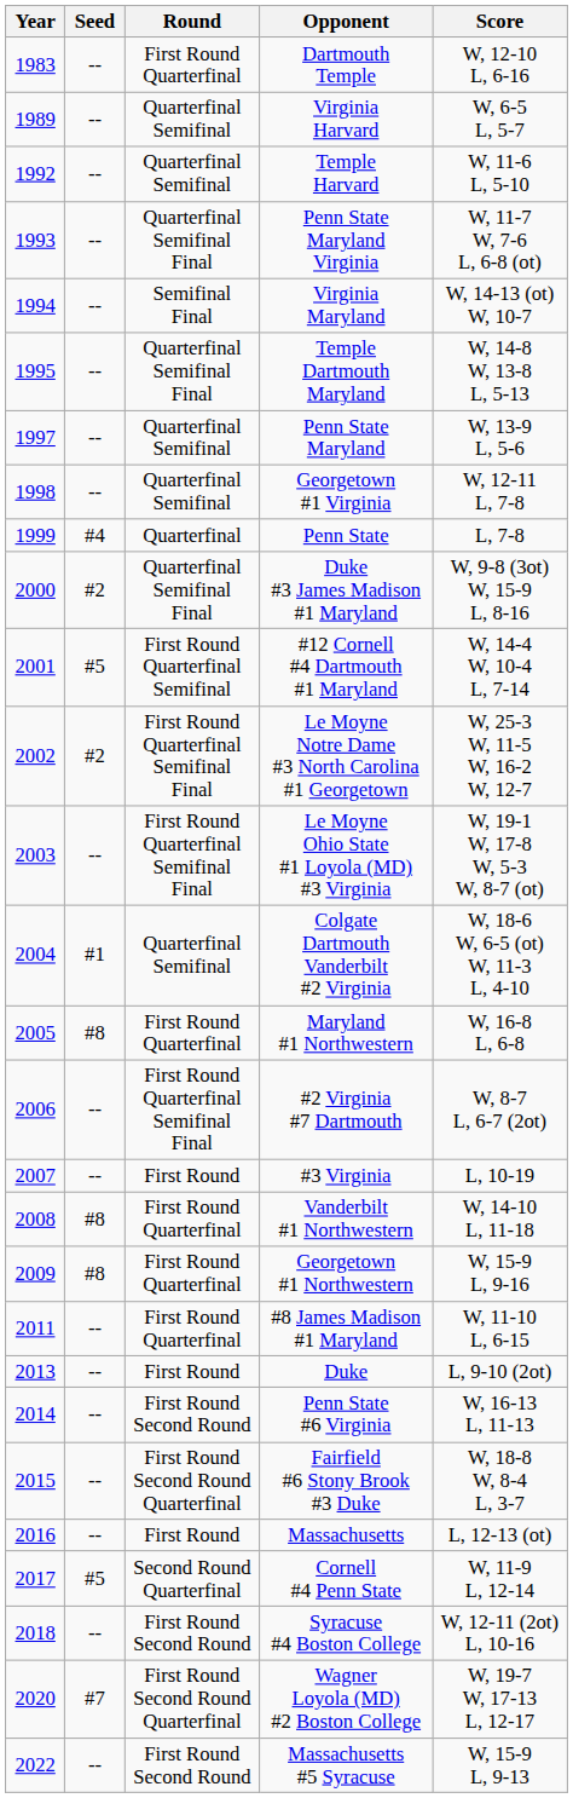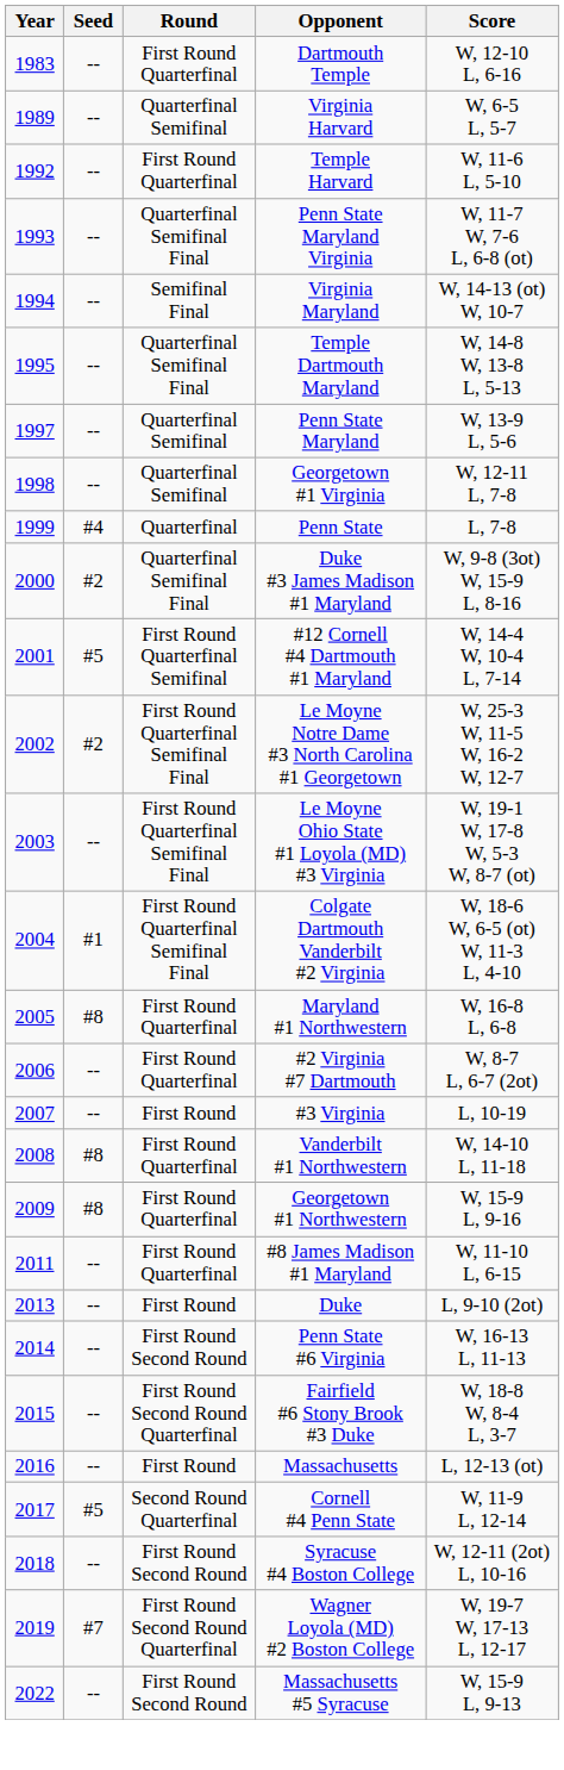 <table class="wikitable">
 <tr>
 <th style="width:40px; ">Year</th>
 <th style="width:40px; ">Seed</th>
 <th style="width:100px; ">Round</th>
 <th style="width:130px; ">Opponent</th>
 <th style="width:100px; ">Score</th>
 </tr>
 <tr align="center">
 <td><a href='#'>1983</a></td>
 <td>--</td>
 <td>First Round<br>Quarterfinal</td>
 <td><a href='#'>Dartmouth</a><br><a href='#'>Temple</a></td>
 <td>W, 12-10<br>L, 6-16</td>
 </tr>
 <tr align="center">
 <td><a href='#'>1989</a></td>
 <td>--</td>
 <td>Quarterfinal<br>Semifinal</td>
 <td><a href='#'>Virginia</a><br><a href='#'>Harvard</a></td>
 <td>W, 6-5<br>L, 5-7</td>
 </tr>
 <tr align="center">
 <td><a href='#'>1992</a></td>
 <td>--</td>
-<td>Quarterfinal<br>Semifinal</td>
+<td>First Round<br>Quarterfinal</td>
 <td><a href='#'>Temple</a><br><a href='#'>Harvard</a></td>
 <td>W, 11-6<br>L, 5-10</td>
 </tr>
 <tr align="center">
 <td><a href='#'>1993</a></td>
 <td>--</td>
 <td>Quarterfinal<br>Semifinal<br>Final</td>
 <td><a href='#'>Penn State</a><br><a href='#'>Maryland</a><br><a href='#'>Virginia</a></td>
 <td>W, 11-7<br>W, 7-6<br>L, 6-8 (ot)</td>
 </tr>
 <tr align="center">
 <td><a href='#'>1994</a></td>
 <td>--</td>
 <td>Semifinal<br>Final</td>
 <td><a href='#'>Virginia</a><br><a href='#'>Maryland</a></td>
 <td>W, 14-13 (ot)<br>W, 10-7</td>
 </tr>
 <tr align="center">
 <td><a href='#'>1995</a></td>
 <td>--</td>
 <td>Quarterfinal<br>Semifinal<br>Final</td>
 <td><a href='#'>Temple</a><br><a href='#'>Dartmouth</a><br><a href='#'>Maryland</a></td>
 <td>W, 14-8<br>W, 13-8<br>L, 5-13</td>
 </tr>
 <tr align="center">
 <td><a href='#'>1997</a></td>
 <td>--</td>
 <td>Quarterfinal<br>Semifinal</td>
 <td><a href='#'>Penn State</a><br><a href='#'>Maryland</a></td>
 <td>W, 13-9<br>L, 5-6</td>
 </tr>
 <tr align="center">
 <td><a href='#'>1998</a></td>
 <td>--</td>
 <td>Quarterfinal<br>Semifinal</td>
 <td><a href='#'>Georgetown</a><br>#1 <a href='#'>Virginia</a></td>
 <td>W, 12-11<br>L, 7-8</td>
 </tr>
 <tr align="center">
 <td><a href='#'>1999</a></td>
 <td>#4</td>
 <td>Quarterfinal</td>
 <td><a href='#'>Penn State</a></td>
 <td>L, 7-8</td>
 </tr>
 <tr align="center">
 <td><a href='#'>2000</a></td>
 <td>#2</td>
 <td>Quarterfinal<br>Semifinal<br>Final</td>
 <td><a href='#'>Duke</a><br>#3 <a href='#'>James Madison</a><br>#1 <a href='#'>Maryland</a></td>
 <td>W, 9-8 (3ot)<br>W, 15-9<br>L, 8-16</td>
 </tr>
 <tr align="center">
 <td><a href='#'>2001</a></td>
 <td>#5</td>
 <td>First Round<br>Quarterfinal<br>Semifinal</td>
 <td>#12 <a href='#'>Cornell</a><br>#4 <a href='#'>Dartmouth</a><br>#1 <a href='#'>Maryland</a></td>
 <td>W, 14-4<br>W, 10-4<br>L, 7-14</td>
 </tr>
 <tr align="center">
 <td><a href='#'>2002</a></td>
 <td>#2</td>
 <td>First Round<br>Quarterfinal<br>Semifinal<br>Final</td>
 <td><a href='#'>Le Moyne</a><br><a href='#'>Notre Dame</a><br>#3 <a href='#'>North Carolina</a><br>#1 <a href='#'>Georgetown</a></td>
 <td>W, 25-3<br>W, 11-5<br>W, 16-2<br>W, 12-7</td>
 </tr>
 <tr align="center">
 <td><a href='#'>2003</a></td>
 <td>--</td>
 <td>First Round<br>Quarterfinal<br>Semifinal<br>Final</td>
 <td><a href='#'>Le Moyne</a><br><a href='#'>Ohio State</a><br>#1 <a href='#'>Loyola (MD)</a><br>#3 <a href='#'>Virginia</a></td>
 <td>W, 19-1<br>W, 17-8<br>W, 5-3<br>W, 8-7 (ot)</td>
 </tr>
 <tr align="center">
 <td><a href='#'>2004</a></td>
 <td>#1</td>
-<td>Quarterfinal<br>Semifinal</td>
+<td>First Round<br>Quarterfinal<br>Semifinal<br>Final</td>
 <td><a href='#'>Colgate</a><br><a href='#'>Dartmouth</a><br><a href='#'>Vanderbilt</a><br>#2 <a href='#'>Virginia</a></td>
 <td>W, 18-6<br>W, 6-5 (ot)<br>W, 11-3<br>L, 4-10</td>
 </tr>
 <tr align="center">
 <td><a href='#'>2005</a></td>
 <td>#8</td>
 <td>First Round<br>Quarterfinal</td>
 <td><a href='#'>Maryland</a><br>#1 <a href='#'>Northwestern</a></td>
 <td>W, 16-8<br>L, 6-8</td>
 </tr>
 <tr align="center">
 <td><a href='#'>2006</a></td>
 <td>--</td>
-<td>First Round<br>Quarterfinal<br>Semifinal<br>Final</td>
+<td>First Round<br>Quarterfinal</td>
 <td>#2 <a href='#'>Virginia</a><br>#7 <a href='#'>Dartmouth</a></td>
 <td>W, 8-7<br>L, 6-7 (2ot)</td>
 </tr>
 <tr align="center">
 <td><a href='#'>2007</a></td>
 <td>--</td>
 <td>First Round</td>
 <td>#3 <a href='#'>Virginia</a></td>
 <td>L, 10-19</td>
 </tr>
 <tr align="center">
 <td><a href='#'>2008</a></td>
 <td>#8</td>
 <td>First Round<br>Quarterfinal</td>
 <td><a href='#'>Vanderbilt</a><br>#1 <a href='#'>Northwestern</a></td>
 <td>W, 14-10<br>L, 11-18</td>
 </tr>
 <tr align="center">
 <td><a href='#'>2009</a></td>
 <td>#8</td>
 <td>First Round<br>Quarterfinal</td>
 <td><a href='#'>Georgetown</a><br>#1 <a href='#'>Northwestern</a></td>
 <td>W, 15-9<br>L, 9-16</td>
 </tr>
 <tr align="center">
 <td><a href='#'>2011</a></td>
 <td>--</td>
 <td>First Round<br>Quarterfinal</td>
 <td>#8 <a href='#'>James Madison</a><br>#1 <a href='#'>Maryland</a></td>
 <td>W, 11-10<br>L, 6-15</td>
 </tr>
 <tr align="center">
 <td><a href='#'>2013</a></td>
 <td>--</td>
 <td>First Round</td>
 <td><a href='#'>Duke</a></td>
 <td>L, 9-10 (2ot)</td>
 </tr>
 <tr align="center">
 <td><a href='#'>2014</a></td>
 <td>--</td>
 <td>First Round<br>Second Round</td>
 <td><a href='#'>Penn State</a><br>#6 <a href='#'>Virginia</a></td>
 <td>W, 16-13<br>L, 11-13</td>
 </tr>
 <tr align="center">
 <td><a href='#'>2015</a></td>
 <td>--</td>
 <td>First Round<br>Second Round<br>Quarterfinal</td>
 <td><a href='#'>Fairfield</a><br>#6 <a href='#'>Stony Brook</a><br>#3 <a href='#'>Duke</a></td>
 <td>W, 18-8<br>W, 8-4<br>L, 3-7</td>
 </tr>
 <tr align="center">
 <td><a href='#'>2016</a></td>
 <td>--</td>
 <td>First Round</td>
 <td><a href='#'>Massachusetts</a></td>
 <td>L, 12-13 (ot)</td>
 </tr>
 <tr align="center">
 <td><a href='#'>2017</a></td>
 <td>#5</td>
 <td>Second Round<br>Quarterfinal</td>
 <td><a href='#'>Cornell</a><br>#4 <a href='#'>Penn State</a></td>
 <td>W, 11-9<br>L, 12-14</td>
 </tr>
 <tr align="center">
 <td><a href='#'>2018</a></td>
 <td>--</td>
 <td>First Round<br>Second Round</td>
 <td><a href='#'>Syracuse</a><br>#4 <a href='#'>Boston College</a></td>
 <td>W, 12-11 (2ot)<br>L, 10-16</td>
 </tr>
 <tr align="center">
-<td><a href='#'>2020</a></td>
+<td><a href='#'>2019</a></td>
 <td>#7</td>
 <td>First Round<br>Second Round<br>Quarterfinal</td>
 <td><a href='#'>Wagner</a><br><a href='#'>Loyola (MD)</a><br> #2 <a href='#'>Boston College</a></td>
 <td>W, 19-7 <br> W, 17-13 <br> L, 12-17</td>
 </tr>
 <tr align="center">
 <td><a href='#'>2022</a></td>
 <td>--</td>
 <td>First Round<br>Second Round</td>
 <td><a href='#'>Massachusetts</a> <br> #5 <a href='#'>Syracuse</a></td>
 <td>W, 15-9 <br> L, 9-13</td>
 </tr>
 </table>
